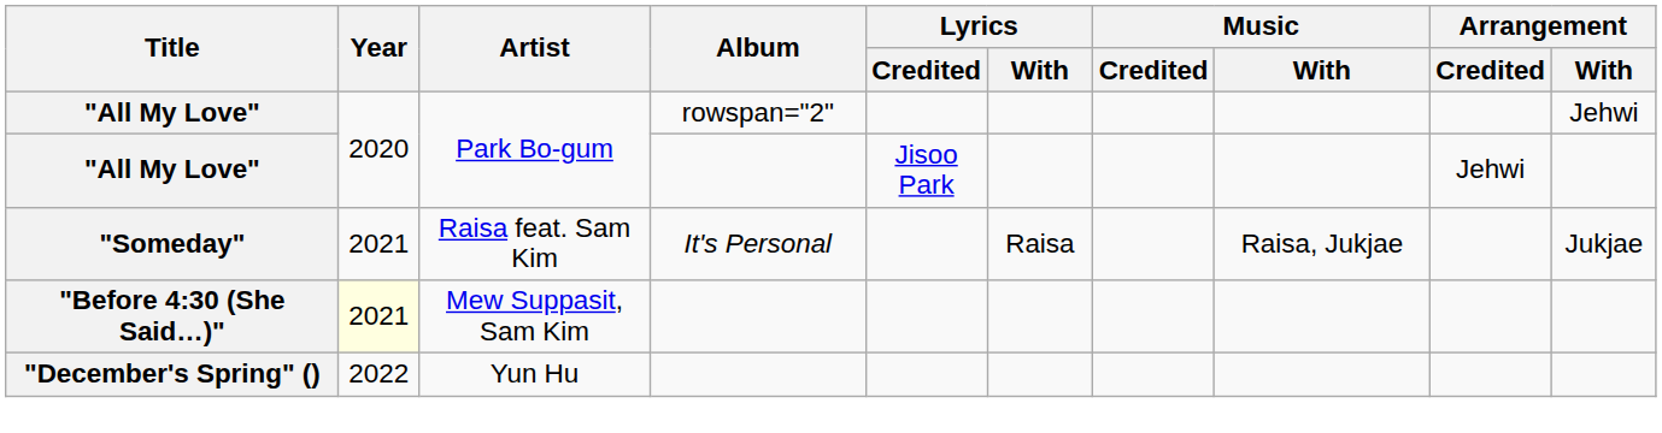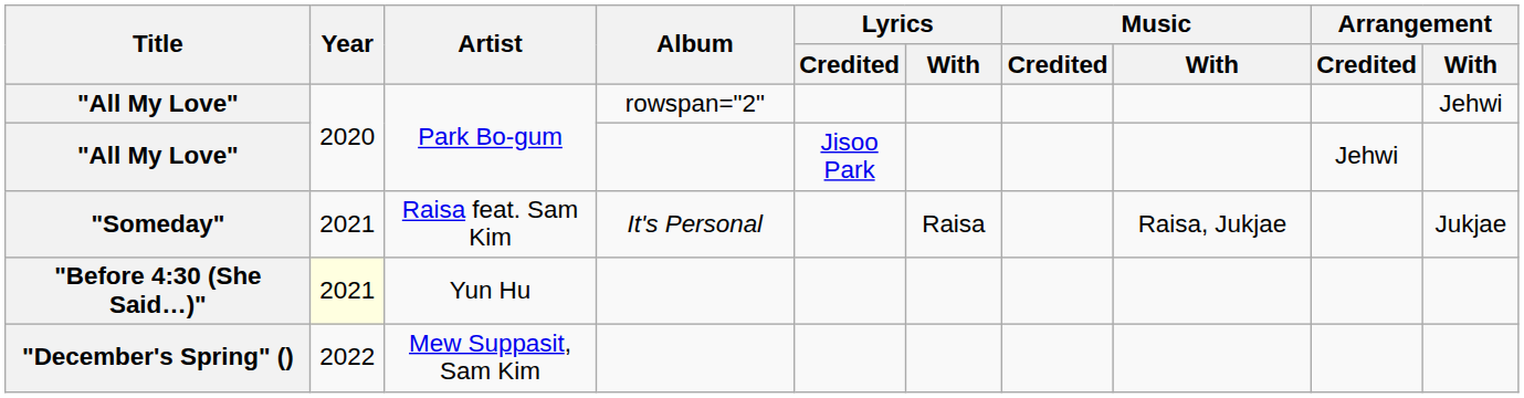 <table class="wikitable plainrowheaders" style="text-align:center;">
 <tr>
 <th rowspan="2" width="190px">Title</th>
 <th rowspan="2" width="40px">Year</th>
 <th rowspan="2" width="130px">Artist</th>
 <th rowspan="2" width="120px">Album</th>
 <th colspan="2">Lyrics</th>
 <th colspan="2">Music</th>
 <th colspan="2">Arrangement</th>
 </tr>
 <tr>
 <th width="50px">Credited</th>
 <th width="55px">With</th>
 <th width="50px">Credited</th>
 <th width="120px">With</th>
 <th width="50px">Credited</th>
 <th width="55px">With</th>
 </tr>
 <tr>
 <th scope="row">"All My Love" </th>
 <td rowspan="2">2020</td>
 <td rowspan="2"><a href='#'>Park Bo-gum</a></td>
 <td>rowspan="2" </td>
 <td></td>
 <td></td>
 <td></td>
 <td></td>
 <td></td>
 <td>Jehwi</td>
 </tr>
 <tr>
 <th scope="row">"All My Love" </th>
 <td></td>
 <td><a href='#'>Jisoo Park</a></td>
 <td></td>
 <td></td>
 <td></td>
 <td>Jehwi</td>
 </tr>
 <tr>
 <th scope="row">"Someday"</th>
 <td>2021</td>
 <td><a href='#'>Raisa</a> feat. Sam Kim</td>
 <td><em>It's Personal</em></td>
 <td></td>
 <td>Raisa</td>
 <td></td>
 <td>Raisa, Jukjae</td>
 <td></td>
 <td>Jukjae</td>
 </tr>
 <tr>
 <th scope="row">"Before 4:30 (She Said…)"</th>
 <td style="background: lightyellow;">2021</td>
-<td><a href='#'>Mew Suppasit</a>, <br>Sam Kim</td>
+<td>Yun Hu</td>
 <td></td>
 <td></td>
 <td></td>
 <td></td>
 <td></td>
 <td></td>
 <td></td>
 </tr>
 <tr>
 <th scope="row">"December's Spring" ()</th>
 <td>2022</td>
-<td>Yun Hu</td>
+<td><a href='#'>Mew Suppasit</a>, <br>Sam Kim</td>
 <td></td>
 <td></td>
 <td></td>
 <td></td>
 <td></td>
 <td></td>
 <td></td>
 </tr>
 </table>
